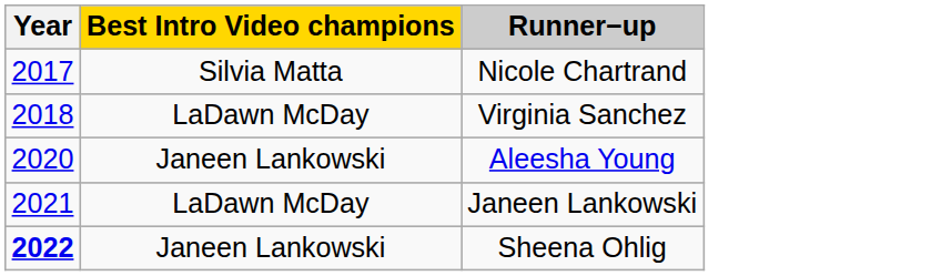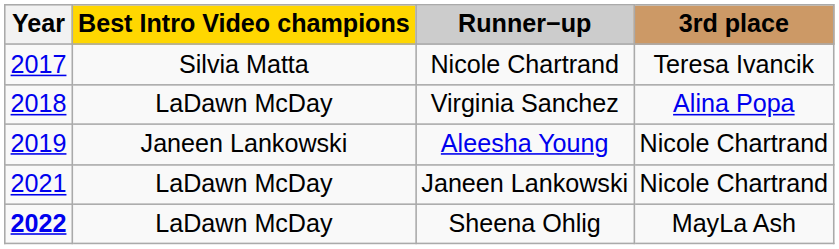 <table class="wikitable sortable" style="text-align: center">
 <tr>
 <th>Year</th>
 <th style="background-color:gold;">Best Intro Video champions</th>
 <th style="background-color:#CCC;">Runner−up</th>
+<th style="background-color:#C96;">3rd place</th>
 </tr>
 <tr>
 <td><a href='#'>2017</a></td>
 <td> Silvia Matta</td>
 <td> Nicole Chartrand</td>
+<td> Teresa Ivancik</td>
 </tr>
 <tr>
 <td><a href='#'>2018</a></td>
 <td> LaDawn McDay</td>
 <td> Virginia Sanchez</td>
+<td> <a href='#'>Alina Popa</a></td>
 </tr>
 <tr>
-<td><a href='#'>2020</a></td>
+<td><a href='#'>2019</a></td>
 <td> Janeen Lankowski</td>
 <td> <a href='#'>Aleesha Young</a></td>
+<td> Nicole Chartrand</td>
 </tr>
 <tr>
 <td><a href='#'>2021</a></td>
 <td> LaDawn McDay</td>
 <td> Janeen Lankowski</td>
+<td> Nicole Chartrand</td>
 </tr>
 <tr>
 <td><strong><a href='#'>2022</a></strong></td>
-<td> Janeen Lankowski</td>
+<td> LaDawn McDay</td>
 <td> Sheena Ohlig</td>
+<td> MayLa Ash</td>
 </tr>
 </table>
